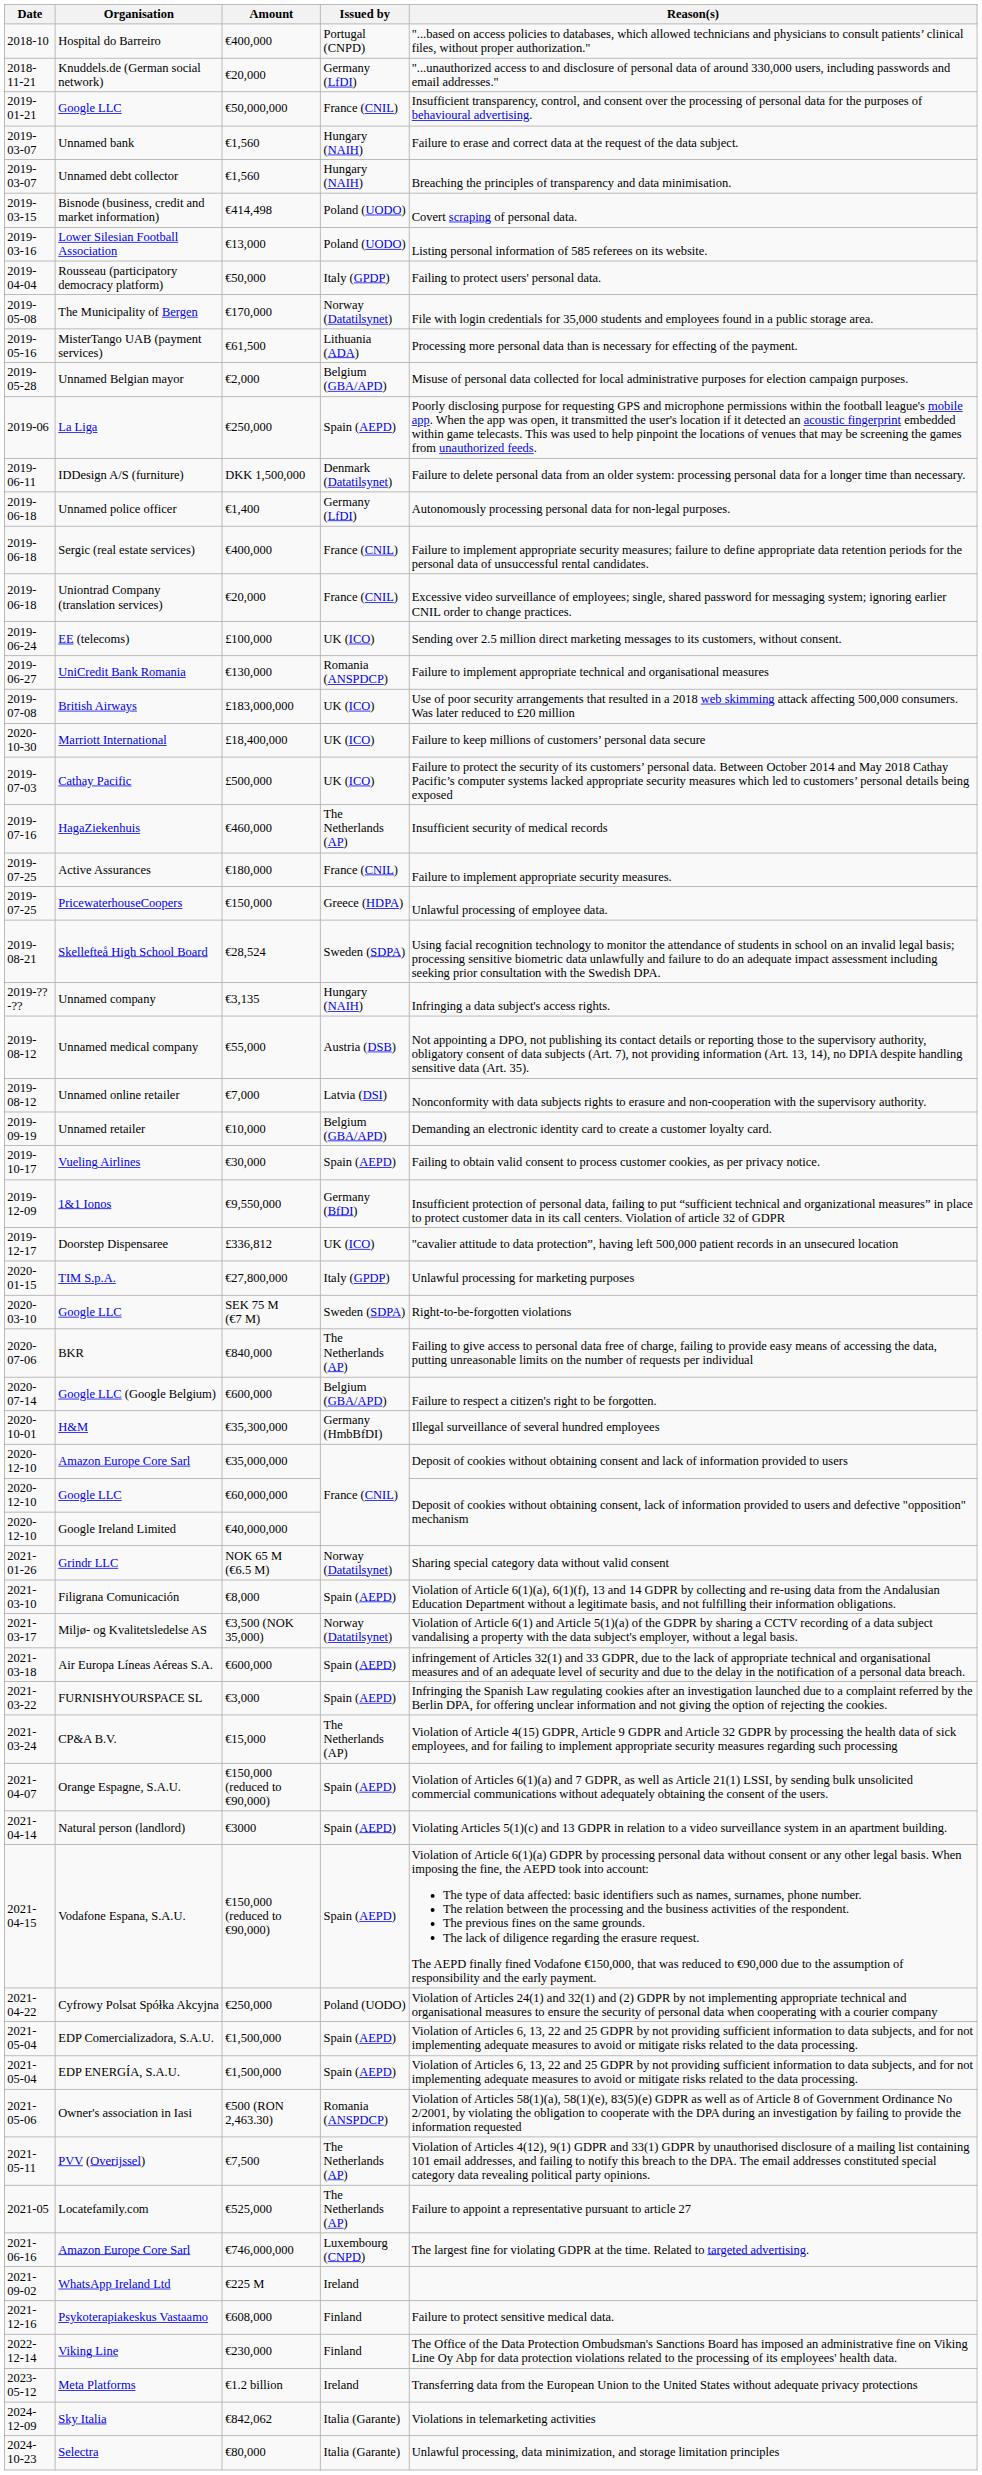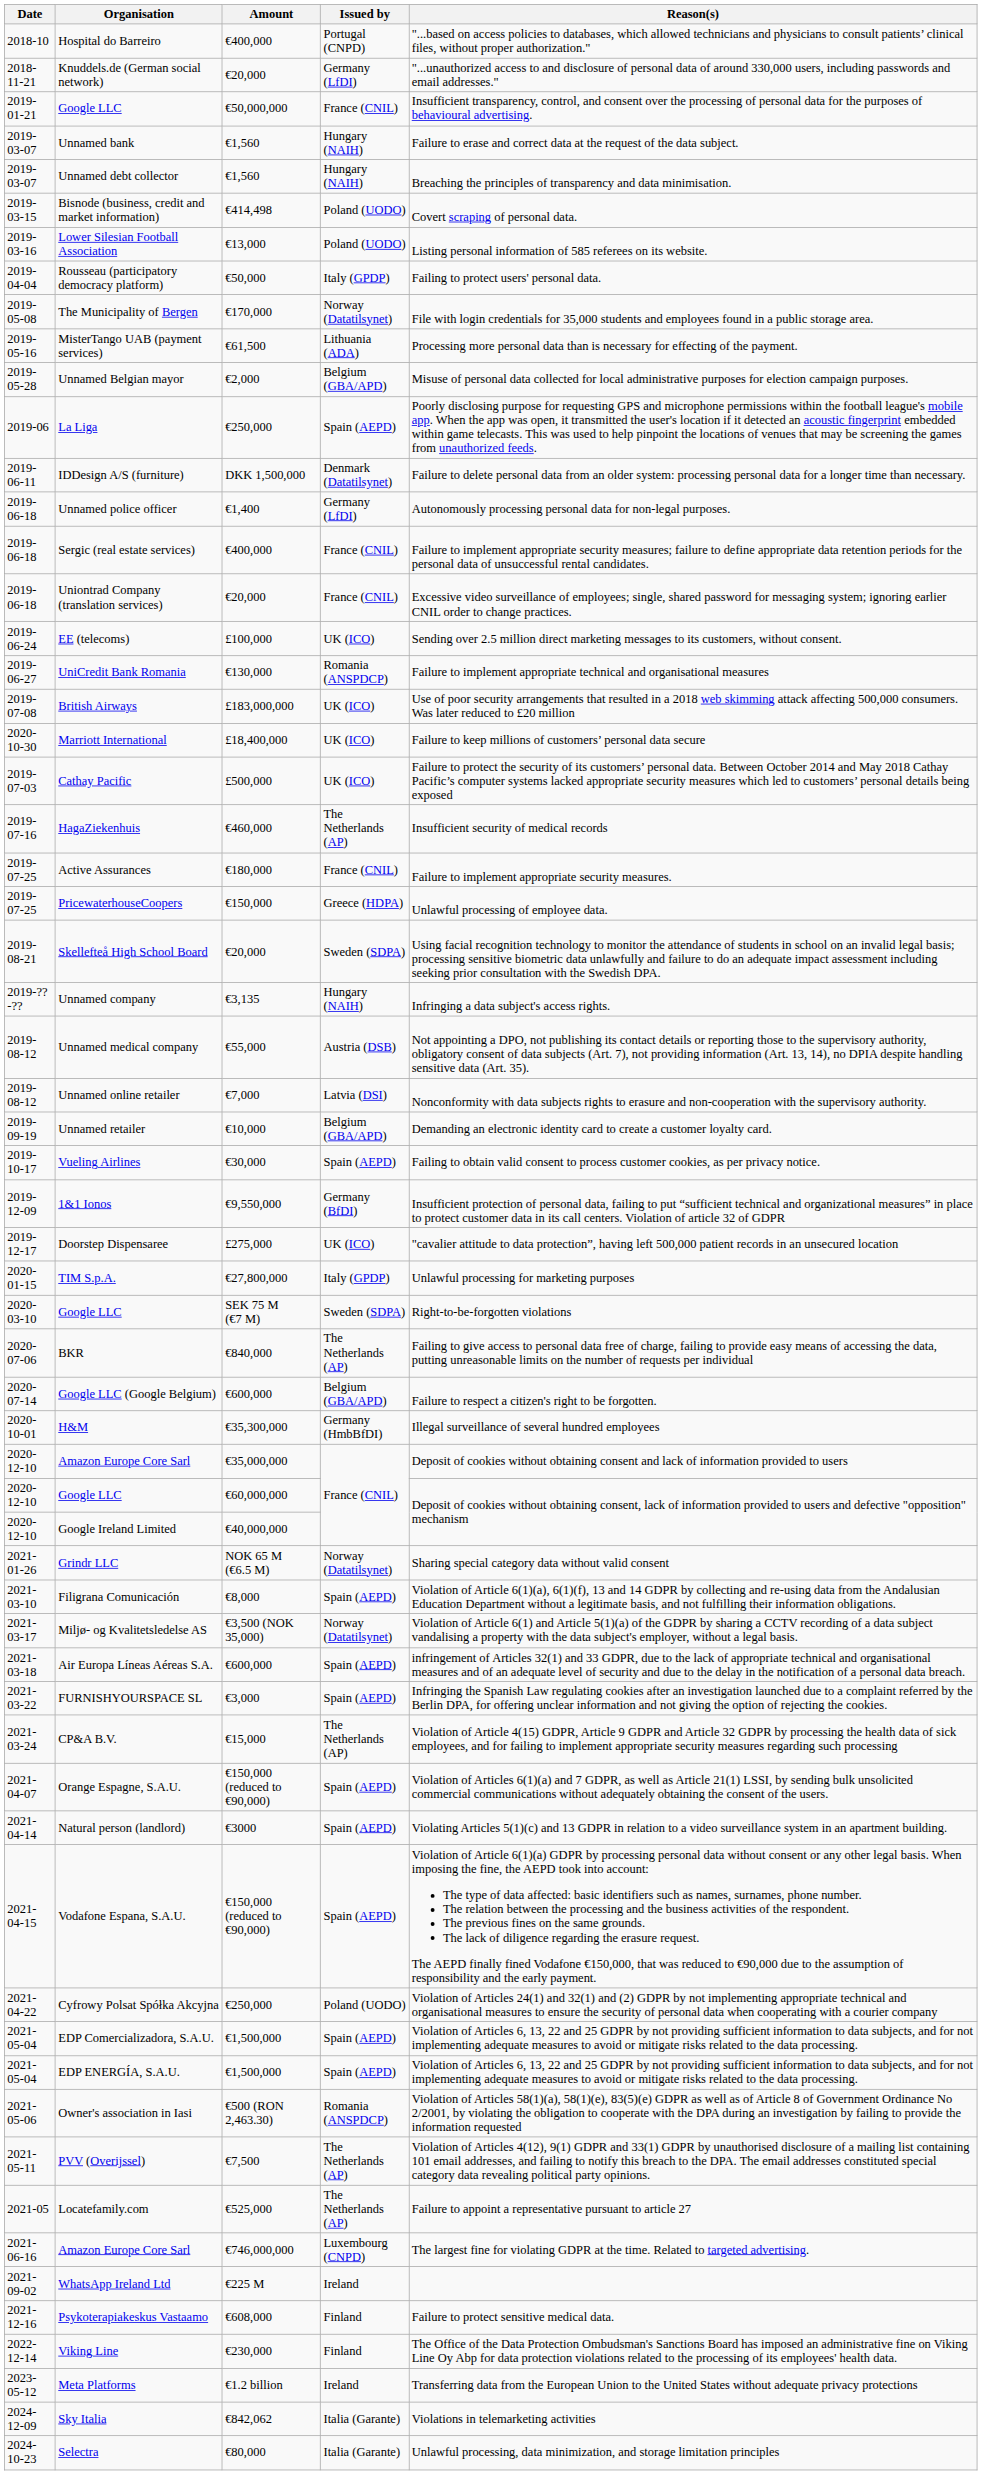 <table class="wikitable sortable">
 <tr>
 <th scope="col">Date</th>
 <th scope="col">Organisation</th>
 <th scope="col" data-sort-type="currency">Amount</th>
 <th scope="col" class="nowrap">Issued by</th>
 <th scope="col" class="unsortable">Reason(s)</th>
 </tr>
 <tr>
 <td>2018-10</td>
 <td>Hospital do Barreiro</td>
 <td>€400,000</td>
 <td>Portugal (CNPD)</td>
 <td>"...based on access policies to databases, which allowed technicians and physicians to consult patients’ clinical files, without proper authorization."</td>
 </tr>
 <tr>
 <td>2018-11-21</td>
 <td>Knuddels.de (German social network)</td>
 <td>€20,000</td>
 <td>Germany (<a href='#'>LfDI</a>)</td>
 <td>"...unauthorized access to and disclosure of personal data of around 330,000 users, including passwords and email addresses."</td>
 </tr>
 <tr>
 <td>2019-01-21</td>
 <td><a href='#'>Google LLC</a></td>
 <td>€50,000,000</td>
 <td>France (<a href='#'>CNIL</a>)</td>
 <td>Insufficient transparency, control, and consent over the processing of personal data for the purposes of <a href='#'>behavioural advertising</a>.</td>
 </tr>
 <tr>
 <td>2019-03-07</td>
 <td>Unnamed bank</td>
 <td>€1,560</td>
 <td>Hungary (<a href='#'>NAIH</a>)</td>
 <td>Failure to erase and correct data at the request of the data subject.<br></td>
 </tr>
 <tr>
 <td>2019-03-07</td>
 <td>Unnamed debt collector</td>
 <td>€1,560</td>
 <td>Hungary (<a href='#'>NAIH</a>)</td>
 <td><br>Breaching the principles of transparency and data minimisation. </td>
 </tr>
 <tr>
 <td>2019-03-15</td>
 <td>Bisnode (business, credit and market information)</td>
 <td>€414,498</td>
 <td>Poland (<a href='#'>UODO</a>)</td>
 <td><br>Covert <a href='#'>scraping</a> of personal data.</td>
 </tr>
 <tr>
 <td>2019-03-16</td>
 <td><a href='#'>Lower Silesian Football Association</a></td>
 <td>€13,000</td>
 <td>Poland (<a href='#'>UODO</a>)</td>
 <td><br>Listing personal information of 585 referees on its website.</td>
 </tr>
 <tr>
 <td>2019-04-04</td>
 <td>Rousseau (participatory democracy platform)</td>
 <td>€50,000</td>
 <td>Italy (<a href='#'>GPDP</a>)</td>
 <td>Failing to protect users' personal data.</td>
 </tr>
 <tr>
 <td>2019-05-08</td>
 <td>The Municipality of <a href='#'>Bergen</a></td>
 <td>€170,000</td>
 <td>Norway (<a href='#'>Datatilsynet</a>)</td>
 <td><br>File with login credentials for 35,000 students and employees found in a public storage area.</td>
 </tr>
 <tr>
 <td>2019-05-16</td>
 <td>MisterTango UAB (payment services)</td>
 <td>€61,500</td>
 <td>Lithuania (<a href='#'>ADA</a>)</td>
 <td>Processing more personal data than is necessary for effecting of the payment.</td>
 </tr>
 <tr>
 <td>2019-05-28</td>
 <td>Unnamed Belgian mayor</td>
 <td>€2,000</td>
 <td>Belgium (<a href='#'>GBA/APD</a>)</td>
 <td>Misuse of personal data collected for local administrative purposes for election campaign purposes.</td>
 </tr>
 <tr>
 <td>2019-06</td>
 <td><a href='#'>La Liga</a></td>
 <td>€250,000</td>
 <td>Spain (<a href='#'>AEPD</a>)</td>
 <td>Poorly disclosing purpose for requesting GPS and microphone permissions within the football league's <a href='#'>mobile app</a>. When the app was open, it transmitted the user's location if it detected an <a href='#'>acoustic fingerprint</a> embedded within game telecasts. This was used to help pinpoint the locations of venues that may be screening the games from <a href='#'>unauthorized feeds</a>.</td>
 </tr>
 <tr>
 <td>2019-06-11</td>
 <td>IDDesign A/S (furniture)</td>
 <td data-sort-value="€">DKK 1,500,000</td>
 <td>Denmark (<a href='#'>Datatilsynet</a>)</td>
 <td>Failure to delete personal data from an older system: processing personal data for a longer time than necessary.</td>
 </tr>
 <tr>
 <td>2019-06-18</td>
 <td>Unnamed police officer</td>
 <td>€1,400</td>
 <td>Germany (<a href='#'>LfDI</a>)</td>
 <td>Autonomously processing personal data for non-legal purposes.</td>
 </tr>
 <tr>
 <td>2019-06-18</td>
 <td>Sergic (real estate services)</td>
 <td>€400,000</td>
 <td>France (<a href='#'>CNIL</a>)</td>
 <td><br>Failure to implement appropriate security measures; failure to define appropriate data retention periods for the personal data of unsuccessful rental candidates.</td>
 </tr>
 <tr>
 <td>2019-06-18</td>
 <td>Uniontrad Company (translation services)</td>
 <td>€20,000</td>
 <td>France (<a href='#'>CNIL</a>)</td>
 <td><br>Excessive video surveillance of employees; single, shared password for messaging system; ignoring earlier CNIL order to change practices.</td>
 </tr>
 <tr>
 <td>2019-06-24</td>
 <td><a href='#'>EE</a> (telecoms)</td>
 <td>£100,000</td>
 <td>UK (<a href='#'>ICO</a>)</td>
 <td>Sending over 2.5 million direct marketing messages to its customers, without consent.</td>
 </tr>
 <tr>
 <td>2019-06-27</td>
 <td><a href='#'>UniCredit Bank Romania</a></td>
 <td>€130,000</td>
 <td>Romania (<a href='#'>ANSPDCP</a>)</td>
 <td>Failure to implement appropriate technical and organisational measures</td>
 </tr>
 <tr>
 <td>2019-07-08</td>
 <td><a href='#'>British Airways</a></td>
 <td>£183,000,000</td>
 <td>UK (<a href='#'>ICO</a>)</td>
 <td>Use of poor security arrangements that resulted in a 2018 <a href='#'>web skimming</a> attack affecting 500,000 consumers. Was later reduced to £20 million </td>
 </tr>
 <tr>
 <td>2020-10-30</td>
 <td><a href='#'>Marriott International</a></td>
 <td>£18,400,000</td>
 <td>UK (<a href='#'>ICO</a>)</td>
 <td>Failure to keep millions of customers’ personal data secure</td>
 </tr>
 <tr>
 <td>2019-07-03</td>
 <td><a href='#'>Cathay Pacific</a></td>
 <td>£500,000</td>
 <td>UK (<a href='#'>ICO</a>)</td>
 <td>Failure to protect the security of its customers’ personal data. Between October 2014 and May 2018 Cathay Pacific’s computer systems lacked appropriate security measures which led to customers’ personal details being exposed</td>
 </tr>
 <tr>
 <td>2019-07-16</td>
 <td><a href='#'>HagaZiekenhuis</a></td>
 <td>€460,000</td>
 <td>The Netherlands (<a href='#'>AP</a>)</td>
 <td>Insufficient security of medical records</td>
 </tr>
 <tr>
 <td>2019-07-25</td>
 <td>Active Assurances</td>
 <td>€180,000</td>
 <td>France (<a href='#'>CNIL</a>)</td>
 <td><br>Failure to implement appropriate security measures.</td>
 </tr>
 <tr>
 <td>2019-07-25</td>
 <td><a href='#'>PricewaterhouseCoopers</a></td>
 <td>€150,000</td>
 <td>Greece (<a href='#'>HDPA</a>)</td>
 <td><br>Unlawful processing of employee data.</td>
 </tr>
 <tr>
 <td>2019-08-21</td>
 <td><a href='#'>Skellefteå High School Board</a></td>
-<td>€28,524</td>
+<td>€20,000</td>
 <td>Sweden (<a href='#'>SDPA</a>)</td>
 <td><br>Using facial recognition technology to monitor the attendance of students in school on an invalid legal basis; processing sensitive biometric data unlawfully and failure to do an adequate impact assessment including seeking prior consultation with the Swedish DPA.</td>
 </tr>
 <tr>
 <td>2019-??-??</td>
 <td>Unnamed company</td>
 <td>€3,135</td>
 <td>Hungary (<a href='#'>NAIH</a>)</td>
 <td><br>Infringing a data subject's access rights. </td>
 </tr>
 <tr>
 <td>2019-08-12</td>
 <td>Unnamed medical company</td>
 <td>€55,000</td>
 <td>Austria (<a href='#'>DSB</a>)</td>
 <td><br>Not appointing a DPO, not publishing its contact details or reporting those to the supervisory authority, obligatory consent of data subjects (Art. 7), not providing information (Art. 13, 14), no DPIA despite handling sensitive data (Art. 35).  </td>
 </tr>
 <tr>
 <td>2019-08-12</td>
 <td>Unnamed online retailer</td>
 <td>€7,000</td>
 <td>Latvia (<a href='#'>DSI</a>)</td>
 <td><br>Nonconformity with data subjects rights to erasure and non-cooperation with the supervisory authority.  </td>
 </tr>
 <tr>
 <td>2019-09-19</td>
 <td>Unnamed retailer</td>
 <td>€10,000</td>
 <td>Belgium (<a href='#'>GBA/APD</a>)</td>
 <td>Demanding an electronic identity card to create a customer loyalty card.</td>
 </tr>
 <tr>
 <td>2019-10-17</td>
 <td><a href='#'>Vueling Airlines</a></td>
 <td>€30,000</td>
 <td>Spain (<a href='#'>AEPD</a>)</td>
 <td>Failing to obtain valid consent to process customer cookies, as per privacy notice. </td>
 </tr>
 <tr>
 <td>2019-12-09</td>
 <td><a href='#'>1&1 Ionos</a></td>
 <td>€9,550,000</td>
 <td>Germany (<a href='#'>BfDI</a>)</td>
 <td><br>Insufficient protection of personal data, failing to put “sufficient technical and organizational measures” in place to protect customer data in its call centers. Violation of article 32 of GDPR </td>
 </tr>
 <tr>
 <td>2019-12-17</td>
 <td>Doorstep Dispensaree</td>
-<td>£336,812</td>
+<td>£275,000</td>
 <td>UK (<a href='#'>ICO</a>)</td>
 <td>"cavalier attitude to data protection”, having left 500,000 patient records in an unsecured location </td>
 </tr>
 <tr>
 <td>2020-01-15</td>
 <td><a href='#'>TIM S.p.A.</a></td>
 <td>€27,800,000</td>
 <td>Italy (<a href='#'>GPDP</a>)</td>
 <td>Unlawful processing for marketing purposes</td>
 </tr>
 <tr>
 <td>2020-03-10</td>
 <td><a href='#'>Google LLC</a></td>
 <td data-sort-value="€">SEK 75 M <br> (€7 M)</td>
 <td>Sweden (<a href='#'>SDPA</a>)</td>
 <td>Right-to-be-forgotten violations</td>
 </tr>
 <tr>
 <td>2020-07-06</td>
 <td>BKR</td>
 <td>€840,000</td>
 <td>The Netherlands  (<a href='#'>AP</a>)</td>
 <td>Failing to give access to personal data free of charge, failing to provide easy means of accessing the data, putting unreasonable limits on the number of requests per individual </td>
 </tr>
 <tr>
 <td>2020-07-14</td>
 <td><a href='#'>Google LLC</a> (Google Belgium)</td>
 <td>€600,000</td>
 <td>Belgium (<a href='#'>GBA/APD</a>)</td>
 <td><br>Failure to respect a citizen's right to be forgotten.</td>
 </tr>
 <tr>
 <td>2020-10-01</td>
 <td><a href='#'>H&M</a></td>
 <td>€35,300,000</td>
 <td>Germany (HmbBfDI)</td>
 <td>Illegal surveillance of several hundred employees</td>
 </tr>
 <tr>
 <td>2020-12-10</td>
 <td><a href='#'>Amazon Europe Core Sarl</a></td>
 <td>€35,000,000</td>
 <td rowspan="3">France (<a href='#'>CNIL</a>)</td>
 <td>Deposit of cookies without obtaining consent and lack of information provided to users</td>
 </tr>
 <tr>
 <td>2020-12-10</td>
 <td><a href='#'>Google LLC</a></td>
 <td>€60,000,000</td>
 <td rowspan="2">Deposit of cookies without obtaining consent, lack of information provided to users and defective "opposition" mechanism </td>
 </tr>
 <tr>
 <td>2020-12-10</td>
 <td>Google Ireland Limited</td>
 <td>€40,000,000</td>
 </tr>
 <tr>
 <td>2021-01-26</td>
 <td><a href='#'>Grindr LLC</a></td>
 <td data-sort-value="€">NOK 65 M<br>(€6.5 M)</td>
 <td>Norway (<a href='#'>Datatilsynet</a>)</td>
 <td>Sharing special category data without valid consent</td>
 </tr>
 <tr>
 <td>2021-03-10</td>
 <td>Filigrana Comunicación</td>
 <td>€8,000</td>
 <td>Spain (<a href='#'>AEPD</a>)</td>
 <td>Violation of Article 6(1)(a), 6(1)(f), 13 and 14 GDPR by collecting and re-using data from the Andalusian Education Department without a legitimate basis, and not fulfilling their information obligations.</td>
 </tr>
 <tr>
 <td>2021-03-17</td>
 <td>Miljø- og Kvalitetsledelse AS</td>
 <td>€3,500 (NOK 35,000)</td>
 <td>Norway (<a href='#'>Datatilsynet</a>)</td>
 <td>Violation of Article 6(1) and Article 5(1)(a) of the GDPR by sharing a CCTV recording of a data subject vandalising a property with the data subject's employer, without a legal basis.</td>
 </tr>
 <tr>
 <td>2021-03-18</td>
 <td>Air Europa Líneas Aéreas S.A.</td>
 <td>€600,000</td>
 <td>Spain (<a href='#'>AEPD</a>)</td>
 <td>infringement of Articles 32(1) and 33 GDPR, due to the lack of appropriate technical and organisational measures and of an adequate level of security and due to the delay in the notification of a personal data breach.</td>
 </tr>
 <tr>
 <td>2021-03-22</td>
 <td>FURNISHYOURSPACE SL</td>
 <td>€3,000</td>
 <td>Spain (<a href='#'>AEPD</a>)</td>
 <td>Infringing the Spanish Law regulating cookies after an investigation launched due to a complaint referred by the Berlin DPA, for offering unclear information and not giving the option of rejecting the cookies.</td>
 </tr>
 <tr>
 <td>2021-03-24</td>
 <td>CP&A B.V.</td>
 <td>€15,000</td>
 <td>The Netherlands (AP)</td>
 <td>Violation of Article 4(15) GDPR, Article 9 GDPR and Article 32 GDPR by processing the health data of sick employees, and for failing to implement appropriate security measures regarding such processing</td>
 </tr>
 <tr>
 <td>2021-04-07</td>
 <td>Orange Espagne, S.A.U.</td>
 <td>€150,000 (reduced to €90,000)</td>
 <td>Spain (<a href='#'>AEPD</a>)</td>
 <td>Violation of Articles 6(1)(a) and 7 GDPR, as well as Article 21(1) LSSI, by sending bulk unsolicited commercial communications without adequately obtaining the consent of the users.</td>
 </tr>
 <tr>
 <td>2021-04-14</td>
 <td>Natural person (landlord)</td>
 <td>€3000</td>
 <td>Spain (<a href='#'>AEPD</a>)</td>
 <td>Violating Articles 5(1)(c) and 13 GDPR in relation to a video surveillance system in an apartment building.</td>
 </tr>
 <tr>
 <td>2021-04-15</td>
 <td>Vodafone Espana, S.A.U.</td>
 <td>€150,000 (reduced to €90,000)</td>
 <td>Spain (<a href='#'>AEPD</a>)</td>
 <td>Violation of Article 6(1)(a) GDPR by processing personal data without consent or any other legal basis. When imposing the fine, the AEPD took into account:<br><ul><li>The type of data affected: basic identifiers such as names, surnames, phone number.</li><li>The relation between the processing and the business activities of the respondent.</li><li>The previous fines on the same grounds.</li><li>The lack of diligence regarding the erasure request.</li></ul>The AEPD finally fined Vodafone €150,000, that was reduced to €90,000 due to the assumption of responsibility and the early payment.</td>
 </tr>
 <tr>
 <td>2021-04-22</td>
 <td>Cyfrowy Polsat Spółka Akcyjna</td>
 <td>€250,000</td>
 <td>Poland (UODO)</td>
 <td>Violation of Articles 24(1) and 32(1) and (2) GDPR by not implementing appropriate technical and organisational measures to ensure the security of personal data when cooperating with a courier company</td>
 </tr>
 <tr>
 <td>2021-05-04</td>
 <td>EDP Comercializadora, S.A.U.</td>
 <td>€1,500,000</td>
 <td>Spain (<a href='#'>AEPD</a>)</td>
 <td>Violation of Articles 6, 13, 22 and 25 GDPR by not providing sufficient information to data subjects, and for not implementing adequate measures to avoid or mitigate risks related to the data processing.</td>
 </tr>
 <tr>
 <td>2021-05-04</td>
 <td>EDP ENERGÍA, S.A.U.</td>
 <td>€1,500,000</td>
 <td>Spain (<a href='#'>AEPD</a>)</td>
 <td>Violation of Articles 6, 13, 22 and 25 GDPR by not providing sufficient information to data subjects, and for not implementing adequate measures to avoid or mitigate risks related to the data processing.</td>
 </tr>
 <tr>
 <td>2021-05-06</td>
 <td>Owner's association in Iasi</td>
 <td>€500 (RON 2,463.30)</td>
 <td>Romania (<a href='#'>ANSPDCP</a>)</td>
 <td>Violation of Articles 58(1)(a), 58(1)(e), 83(5)(e) GDPR as well as of Article 8 of Government Ordinance No 2/2001, by violating the obligation to cooperate with the DPA during an investigation by failing to provide the information requested</td>
 </tr>
 <tr>
 <td>2021-05-11</td>
 <td><a href='#'>PVV</a> (<a href='#'>Overijssel</a>)</td>
 <td>€7,500</td>
 <td>The Netherlands  (<a href='#'>AP</a>)</td>
 <td>Violation of Articles 4(12), 9(1) GDPR and 33(1) GDPR by unauthorised disclosure of a mailing list containing 101 email addresses, and failing to notify this breach to the DPA. The email addresses constituted special category data revealing political party opinions.</td>
 </tr>
 <tr>
 <td>2021-05</td>
 <td>Locatefamily.com</td>
 <td>€525,000</td>
 <td>The Netherlands  (<a href='#'>AP</a>)</td>
 <td>Failure to appoint a representative pursuant to article 27</td>
 </tr>
 <tr>
 <td>2021-06-16</td>
 <td><a href='#'>Amazon Europe Core Sarl</a></td>
 <td>€746,000,000</td>
 <td>Luxembourg (<a href='#'>CNPD</a>)</td>
 <td>The largest fine for violating GDPR at the time. Related to <a href='#'>targeted advertising</a>. </td>
 </tr>
 <tr>
 <td>2021-09-02</td>
 <td><a href='#'>WhatsApp Ireland Ltd</a></td>
 <td data-sort-value=225000000>€225 M</td>
 <td>Ireland</td>
 <td></td>
 </tr>
 <tr>
 <td>2021-12-16</td>
 <td><a href='#'>Psykoterapiakeskus Vastaamo</a></td>
 <td data-sort-value=608000>€608,000</td>
 <td>Finland</td>
 <td>Failure to protect sensitive medical data.</td>
 </tr>
 <tr>
 <td>2022-12-14</td>
 <td><a href='#'>Viking Line</a></td>
 <td data-sort-value=230000>€230,000</td>
 <td>Finland</td>
 <td>The Office of the Data Protection Ombudsman's Sanctions Board has imposed an administrative fine on Viking Line Oy Abp for data protection violations related to the processing of its employees' health data. </td>
 </tr>
 <tr>
 <td>2023-05-12</td>
 <td><a href='#'>Meta Platforms</a></td>
 <td data-sort-value=1200000000>€1.2 billion</td>
 <td>Ireland</td>
 <td>Transferring data from the European Union to the United States without adequate privacy protections</td>
 </tr>
 <tr>
 <td>2024-12-09</td>
 <td><a href='#'>Sky Italia</a></td>
 <td>€842,062</td>
 <td>Italia (Garante)</td>
 <td>Violations in telemarketing activities</td>
 </tr>
 <tr>
 <td>2024-10-23</td>
 <td><a href='#'>Selectra</a></td>
 <td>€80,000</td>
 <td>Italia (Garante)</td>
 <td>Unlawful processing, data minimization, and storage limitation principles</td>
 </tr>
 </table>
